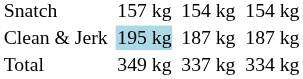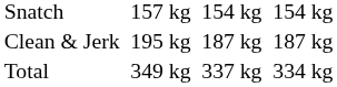 <table>
 <tr>
 <td>Snatch</td>
 <td></td>
 <td>157 kg</td>
 <td></td>
 <td>154 kg</td>
 <td></td>
 <td>154 kg</td>
 </tr>
 <tr>
 <td>Clean & Jerk</td>
 <td></td>
-<td style="background: lightblue;">195 kg</td>
+<td>195 kg</td>
 <td></td>
 <td>187 kg</td>
 <td></td>
 <td>187 kg</td>
 </tr>
 <tr>
 <td>Total</td>
 <td></td>
 <td>349 kg</td>
 <td></td>
 <td>337 kg</td>
 <td></td>
 <td>334 kg</td>
 </tr>
 </table>
